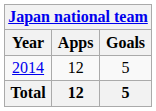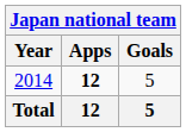 <table class="wikitable" style="text-align:center">
 <tr>
 <th colspan=3><a href='#'>Japan national team</a></th>
 </tr>
 <tr>
 <th>Year</th>
 <th>Apps</th>
 <th>Goals</th>
 </tr>
 <tr>
 <td><a href='#'>2014</a></td>
-<td>12</td>
+<td><strong>12</strong></td>
 <td>5</td>
 </tr>
 <tr>
 <th>Total</th>
 <th>12</th>
 <th>5</th>
 </tr>
 </table>
